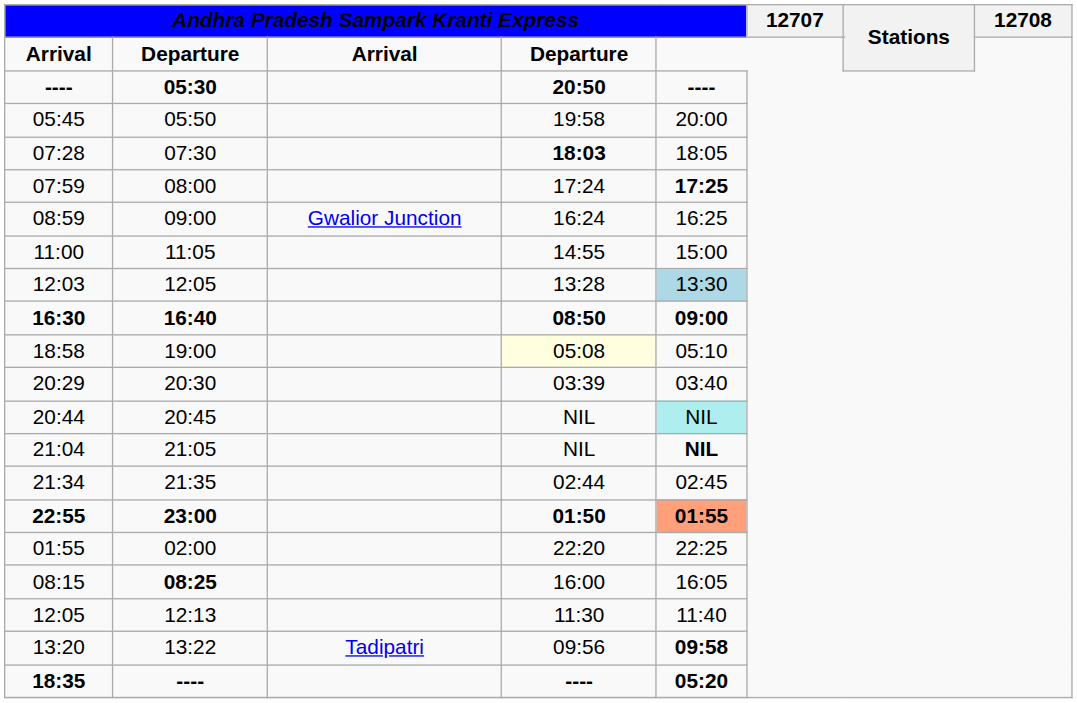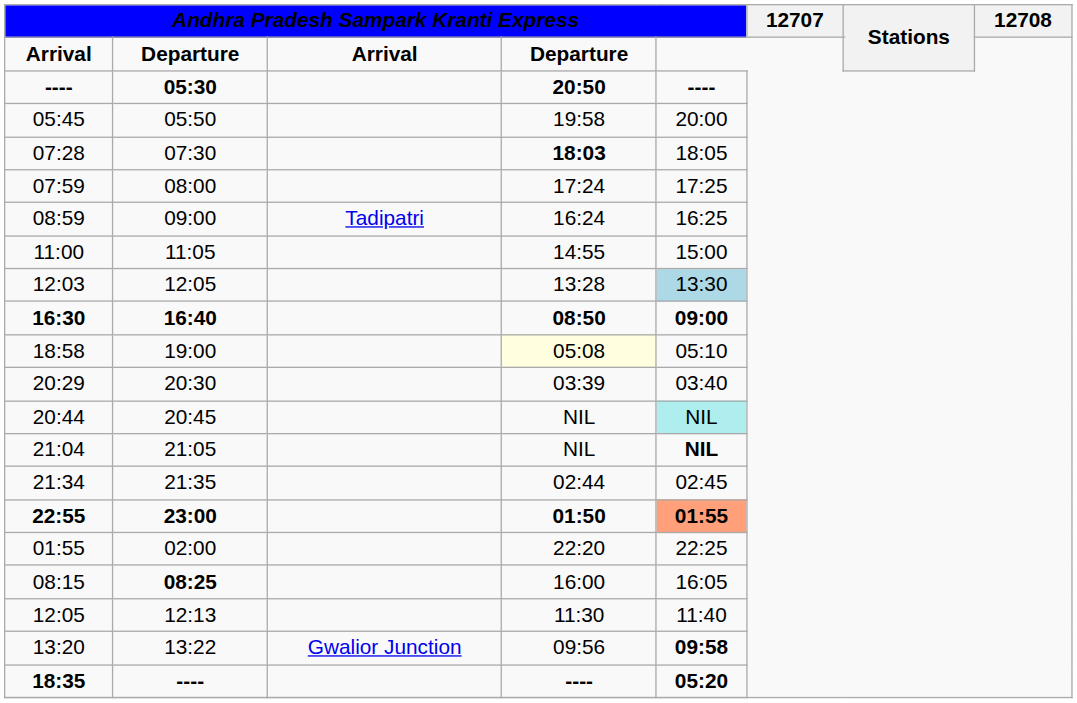 <table class="wikitable" width="65%" style="text-align: center;">
 <tr>
 <th colspan="5" align="center" style="background:BLUE;"><span><em>Andhra Pradesh Sampark Kranti Express</em></span></th>
 <th colspan="2">12707</th>
 <th rowspan="2">Stations</th>
 <th colspan="2">12708</th>
 </tr>
 <tr>
 <td><strong>Arrival</strong></td>
 <td><strong>Departure</strong></td>
 <td><strong>Arrival</strong></td>
 <td><strong>Departure</strong></td>
 </tr>
 <tr>
 <td><strong>----</strong></td>
 <td><strong>05:30</strong></td>
 <td><strong></strong></td>
 <td><strong>20:50</strong></td>
 <td><strong>----</strong></td>
 </tr>
 <tr>
 <td>05:45</td>
 <td>05:50</td>
 <td></td>
 <td>19:58</td>
 <td>20:00</td>
 </tr>
 <tr>
 <td>07:28</td>
 <td>07:30</td>
 <td></td>
 <td><strong>18:03</strong></td>
 <td>18:05</td>
 </tr>
 <tr>
 <td>07:59</td>
 <td>08:00</td>
 <td></td>
 <td>17:24</td>
-<td><strong>17:25</strong></td>
+<td>17:25</td>
 </tr>
 <tr>
 <td>08:59</td>
 <td>09:00</td>
-<td><a href='#'>Gwalior Junction</a></td>
+<td><a href='#'>Tadipatri</a></td>
 <td>16:24</td>
 <td>16:25</td>
 </tr>
 <tr>
 <td>11:00</td>
 <td>11:05</td>
 <td></td>
 <td>14:55</td>
 <td>15:00</td>
 </tr>
 <tr>
 <td>12:03</td>
 <td>12:05</td>
 <td></td>
 <td>13:28</td>
 <td style="background: lightblue;">13:30</td>
 </tr>
 <tr>
 <td><strong>16:30</strong></td>
 <td><strong>16:40</strong></td>
 <td><strong></strong></td>
 <td><strong>08:50</strong></td>
 <td><strong>09:00</strong></td>
 </tr>
 <tr>
 <td>18:58</td>
 <td>19:00</td>
 <td></td>
 <td style="background: lightyellow;">05:08</td>
 <td>05:10</td>
 </tr>
 <tr>
 <td>20:29</td>
 <td>20:30</td>
 <td></td>
 <td>03:39</td>
 <td>03:40</td>
 </tr>
 <tr>
 <td>20:44</td>
 <td>20:45</td>
 <td></td>
 <td>NIL</td>
 <td style="background: paleturquoise;">NIL</td>
 </tr>
 <tr>
 <td>21:04</td>
 <td>21:05</td>
 <td></td>
 <td>NIL</td>
 <td><strong>NIL</strong></td>
 </tr>
 <tr>
 <td>21:34</td>
 <td>21:35</td>
 <td></td>
 <td>02:44</td>
 <td>02:45</td>
 </tr>
 <tr>
 <td><strong>22:55</strong></td>
 <td><strong>23:00</strong></td>
 <td><strong></strong></td>
 <td><strong>01:50</strong></td>
 <td style="background: lightsalmon;"><strong>01:55</strong></td>
 </tr>
 <tr>
 <td>01:55</td>
 <td>02:00</td>
 <td></td>
 <td>22:20</td>
 <td>22:25</td>
 </tr>
 <tr>
 <td>08:15</td>
 <td><strong>08:25</strong></td>
 <td></td>
 <td>16:00</td>
 <td>16:05</td>
 </tr>
 <tr>
 <td>12:05</td>
 <td>12:13</td>
 <td></td>
 <td>11:30</td>
 <td>11:40</td>
 </tr>
 <tr>
 <td>13:20</td>
 <td>13:22</td>
-<td><a href='#'>Tadipatri</a></td>
+<td><a href='#'>Gwalior Junction</a></td>
 <td>09:56</td>
 <td><strong>09:58</strong></td>
 </tr>
 <tr>
 <td><strong>18:35</strong></td>
 <td><strong>----</strong></td>
 <td><strong></strong></td>
 <td><strong>----</strong></td>
 <td><strong>05:20</strong></td>
 </tr>
 <tr>
 </tr>
 </table>
